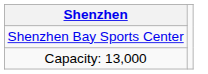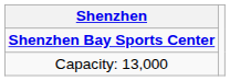 <table class="wikitable" style="text-align:center;">
 <tr>
 <th><a href='#'>Shenzhen</a></th>
 <td rowspan="3"><br></td>
 </tr>
 <tr>
-<td><a href='#'>Shenzhen Bay Sports Center</a></td>
+<td><strong><a href='#'>Shenzhen Bay Sports Center</a></strong></td>
 </tr>
 <tr>
 <td>Capacity: 13,000</td>
 </tr>
 </table>
